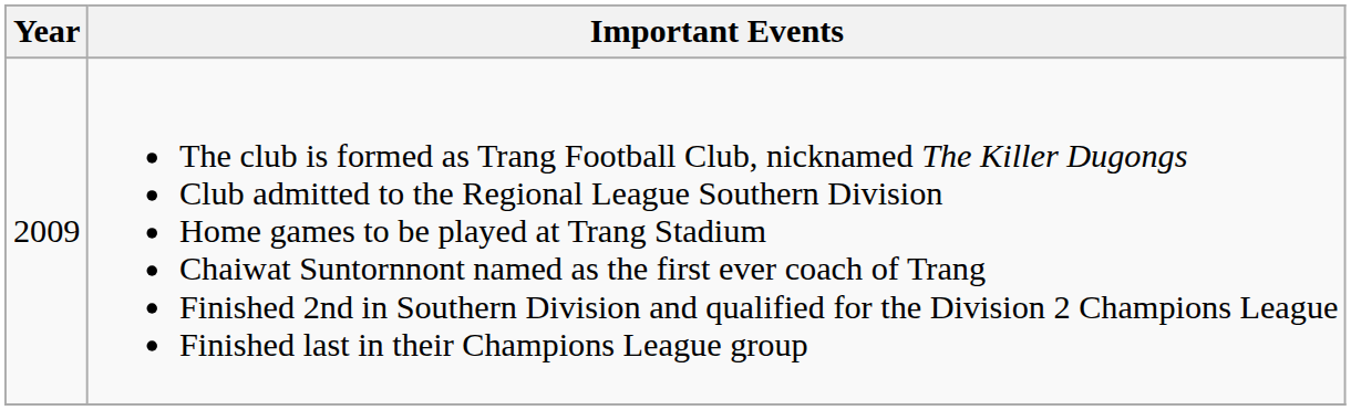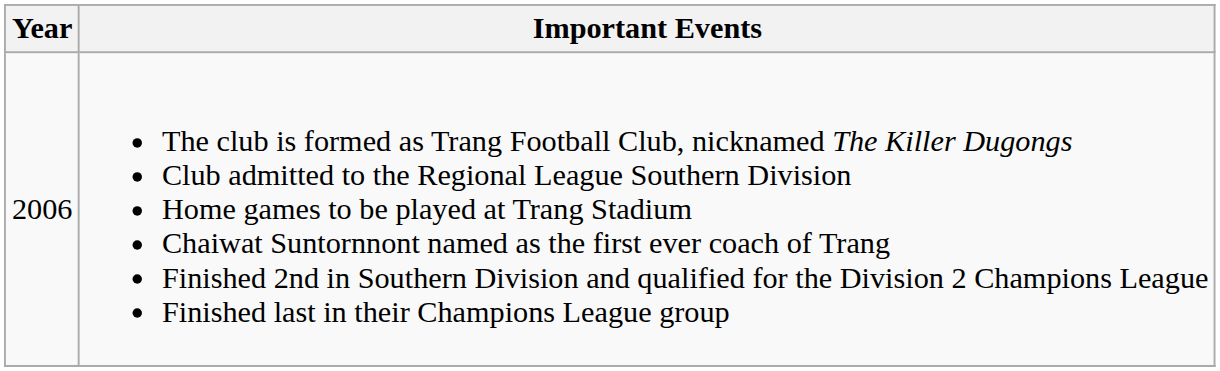 <table class="wikitable">
 <tr>
 <th>Year</th>
 <th>Important Events</th>
 </tr>
 <tr>
-<td>2009</td>
+<td>2006</td>
 <td><br><ul><li>The club is formed as Trang Football Club, nicknamed <em>The Killer Dugongs</em></li><li>Club admitted to the Regional League Southern Division</li><li>Home games to be played at Trang Stadium</li><li>Chaiwat Suntornnont named as the first ever coach of Trang</li><li>Finished 2nd in Southern Division and qualified for the Division 2 Champions League</li><li>Finished last in their Champions League group</li></ul></td>
 </tr>
 <tr>
 </tr>
 </table>
